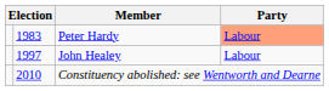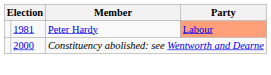 <table class="wikitable">
 <tr>
 <th colspan="2">Election</th>
 <th>Member</th>
 <th>Party</th>
 </tr>
 <tr>
 <td style="color:inherit;background-color: "></td>
-<td><a href='#'>1983</a></td>
+<td><a href='#'>1981</a></td>
 <td><a href='#'>Peter Hardy</a></td>
 <td style="background: lightsalmon;"><a href='#'>Labour</a></td>
 </tr>
 <tr>
-<td style="color:inherit;background-color: "></td>
-<td><a href='#'>1997</a></td>
-<td><a href='#'>John Healey</a></td>
-<td><a href='#'>Labour</a></td>
-</tr>
-<tr>
 <td></td>
-<td><a href='#'>2010</a></td>
+<td><a href='#'>2000</a></td>
 <td colspan="2"><em>Constituency abolished: see <a href='#'>Wentworth and Dearne</a></em></td>
 </tr>
 </table>
